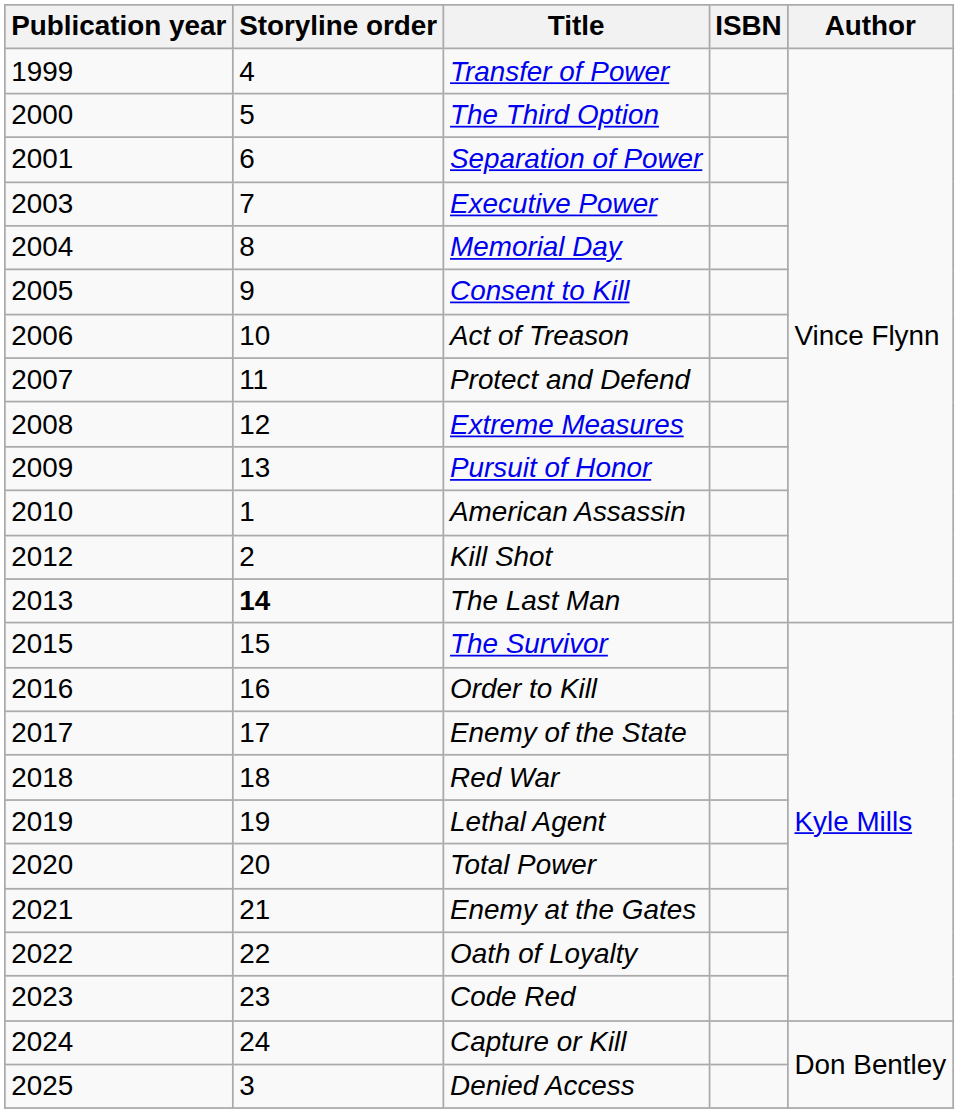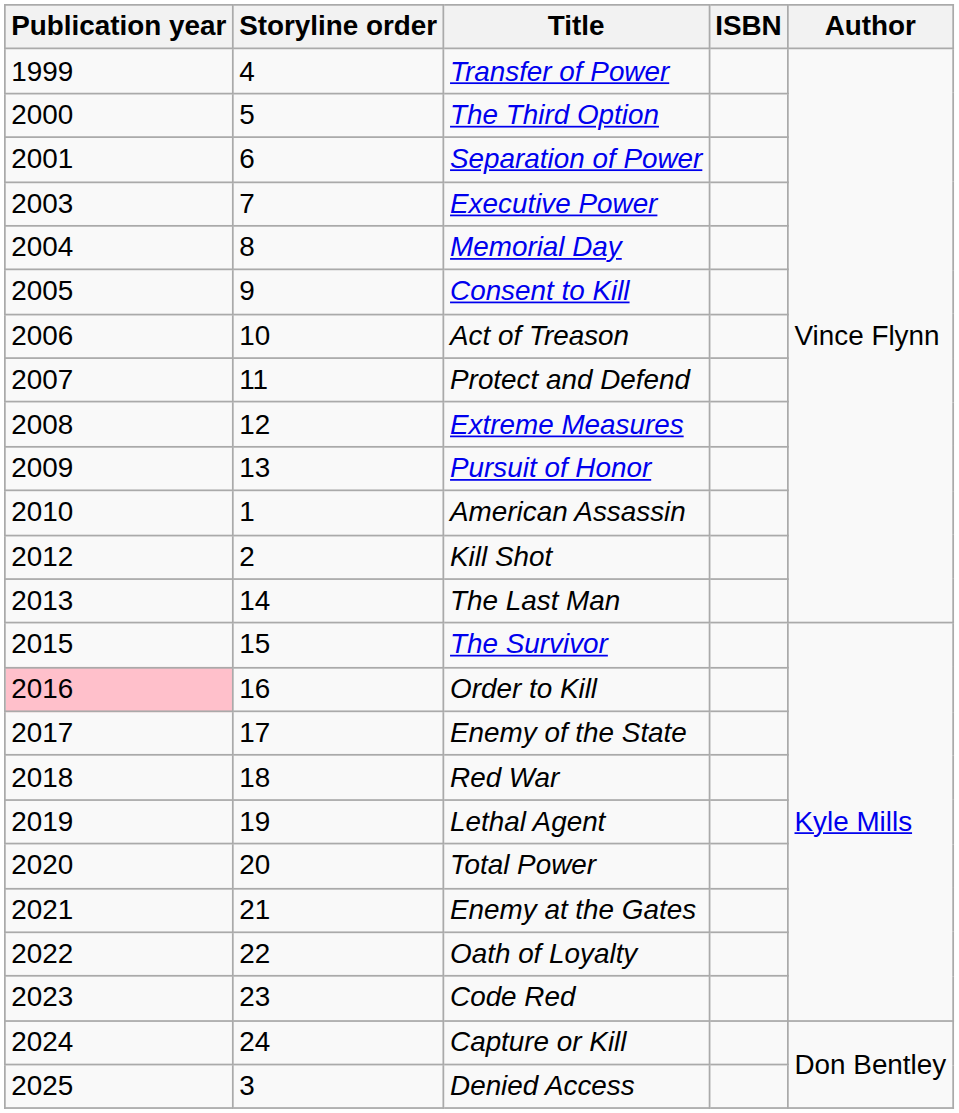 <table class="wikitable sortable">
 <tr>
 <th>Publication year</th>
 <th>Storyline order</th>
 <th>Title</th>
 <th>ISBN</th>
 <th>Author</th>
 </tr>
 <tr>
 <td>1999</td>
 <td>4</td>
 <td><em><a href='#'>Transfer of Power</a></em></td>
 <td></td>
 <td rowspan="13">Vince Flynn</td>
 </tr>
 <tr>
 <td>2000</td>
 <td>5</td>
 <td><em><a href='#'>The Third Option</a></em></td>
 <td></td>
 </tr>
 <tr>
 <td>2001</td>
 <td>6</td>
 <td><em><a href='#'>Separation of Power</a></em></td>
 <td></td>
 </tr>
 <tr>
 <td>2003</td>
 <td>7</td>
 <td><em><a href='#'>Executive Power</a></em></td>
 <td></td>
 </tr>
 <tr>
 <td>2004</td>
 <td>8</td>
 <td><em><a href='#'>Memorial Day</a></em></td>
 <td></td>
 </tr>
 <tr>
 <td>2005</td>
 <td>9</td>
 <td><em><a href='#'>Consent to Kill</a></em></td>
 <td></td>
 </tr>
 <tr>
 <td>2006</td>
 <td>10</td>
 <td><em>Act of Treason</em></td>
 <td></td>
 </tr>
 <tr>
 <td>2007</td>
 <td>11</td>
 <td><em>Protect and Defend</em></td>
 <td></td>
 </tr>
 <tr>
 <td>2008</td>
 <td>12</td>
 <td><em><a href='#'>Extreme Measures</a></em></td>
 <td></td>
 </tr>
 <tr>
 <td>2009</td>
 <td>13</td>
 <td><em><a href='#'>Pursuit of Honor</a></em></td>
 <td></td>
 </tr>
 <tr>
 <td>2010</td>
 <td>1</td>
 <td><em>American Assassin</em></td>
 <td></td>
 </tr>
 <tr>
 <td>2012</td>
 <td>2</td>
 <td><em>Kill Shot</em></td>
 <td></td>
 </tr>
 <tr>
 <td>2013</td>
-<td><strong>14</strong></td>
+<td>14</td>
 <td><em>The Last Man</em></td>
 <td></td>
 </tr>
 <tr>
 <td>2015</td>
 <td>15</td>
 <td><em><a href='#'>The Survivor</a></em></td>
 <td></td>
 <td rowspan="9"><a href='#'>Kyle Mills</a></td>
 </tr>
 <tr>
-<td>2016</td>
+<td style="background: pink;">2016</td>
 <td>16</td>
 <td><em>Order to Kill</em></td>
 <td></td>
 </tr>
 <tr>
 <td>2017</td>
 <td>17</td>
 <td><em>Enemy of the State</em></td>
 <td></td>
 </tr>
 <tr>
 <td>2018</td>
 <td>18</td>
 <td><em>Red War</em></td>
 <td></td>
 </tr>
 <tr>
 <td>2019</td>
 <td>19</td>
 <td><em>Lethal Agent</em></td>
 <td></td>
 </tr>
 <tr>
 <td>2020</td>
 <td>20</td>
 <td><em>Total Power</em></td>
 <td></td>
 </tr>
 <tr>
 <td>2021</td>
 <td>21</td>
 <td><em>Enemy at the Gates</em></td>
 <td></td>
 </tr>
 <tr>
 <td>2022</td>
 <td>22</td>
 <td><em>Oath of Loyalty</em></td>
 <td></td>
 </tr>
 <tr>
 <td>2023</td>
 <td>23</td>
 <td><em>Code Red</em></td>
 <td></td>
 </tr>
 <tr>
 <td>2024</td>
 <td>24</td>
 <td><em>Capture or Kill</em></td>
 <td></td>
 <td rowspan="2">Don Bentley</td>
 </tr>
 <tr>
 <td>2025</td>
 <td>3</td>
 <td><em>Denied Access</em></td>
 <td></td>
 </tr>
 </table>
